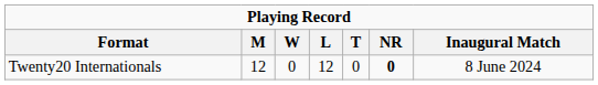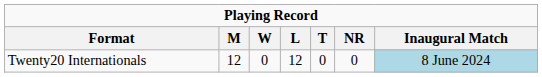 <table class="wikitable" style="text-align: center; width: 600px;">
 <tr>
 <td colspan=7 align="center"><strong>Playing Record</strong></td>
 </tr>
 <tr>
 <th>Format</th>
 <th>M</th>
 <th>W</th>
 <th>L</th>
 <th>T</th>
 <th>NR</th>
 <th>Inaugural Match</th>
 </tr>
 <tr>
 <td align="left">Twenty20 Internationals</td>
 <td>12</td>
 <td>0</td>
 <td>12</td>
 <td>0</td>
-<td><strong>0</strong></td>
-<td>8 June 2024</td>
+<td>0</td>
+<td style="background: lightblue;">8 June 2024</td>
 </tr>
 </table>
